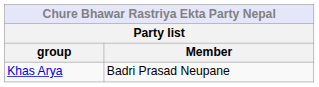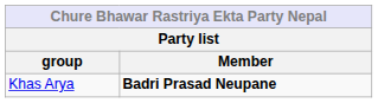 <table role="presentation" class="wikitable mw-collapsible mw-collapsed">
 <tr>
 <th colspan="2" style="width: 300pt; background:#e6e6fa; color: grey;">Chure Bhawar Rastriya Ekta Party Nepal</th>
 </tr>
 <tr>
 <th colspan="2">Party list</th>
 </tr>
 <tr>
 <th> group</th>
 <th>Member</th>
 </tr>
 <tr>
 <td><a href='#'>Khas Arya</a></td>
-<td>Badri Prasad Neupane</td>
+<td><strong>Badri Prasad Neupane</strong></td>
 </tr>
 </table>
